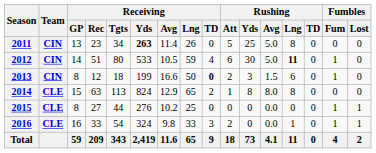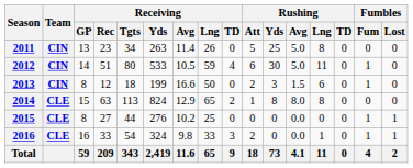 <table class=wikitable style="text-align:center;">
 <tr>
 <th rowspan=2>Season</th>
 <th rowspan=2>Team</th>
 <th colspan=7>Receiving</th>
 <th colspan=5>Rushing</th>
 <th colspan=2>Fumbles</th>
 </tr>
 <tr>
 <th>GP</th>
 <th>Rec</th>
 <th>Tgts</th>
 <th>Yds</th>
 <th>Avg</th>
 <th>Lng</th>
 <th>TD</th>
 <th>Att</th>
 <th>Yds</th>
 <th>Avg</th>
 <th>Lng</th>
 <th>TD</th>
 <th>Fum</th>
 <th>Lost</th>
 </tr>
 <tr>
 <th><a href='#'>2011</a></th>
 <th><a href='#'>CIN</a></th>
 <td>13</td>
 <td>23</td>
 <td>34</td>
-<td><strong>263</strong></td>
+<td>263</td>
 <td>11.4</td>
 <td>26</td>
 <td>0</td>
 <td>5</td>
 <td>25</td>
 <td>5.0</td>
 <td>8</td>
 <td>0</td>
 <td>0</td>
 <td>0</td>
 </tr>
 <tr>
 <th><a href='#'>2012</a></th>
 <th><a href='#'>CIN</a></th>
 <td>14</td>
 <td>51</td>
 <td>80</td>
 <td>533</td>
 <td>10.5</td>
 <td>59</td>
 <td>4</td>
 <td>6</td>
 <td>30</td>
 <td>5.0</td>
-<td><strong>11</strong></td>
+<td>11</td>
 <td>0</td>
 <td>1</td>
 <td>0</td>
 </tr>
 <tr>
 <th><a href='#'>2013</a></th>
 <th><a href='#'>CIN</a></th>
 <td>8</td>
 <td>12</td>
 <td>18</td>
 <td>199</td>
 <td>16.6</td>
 <td>50</td>
-<td><strong>0</strong></td>
+<td>0</td>
 <td>2</td>
 <td>3</td>
 <td>1.5</td>
 <td>6</td>
 <td>0</td>
 <td>1</td>
 <td>0</td>
 </tr>
 <tr>
 <th><a href='#'>2014</a></th>
 <th><a href='#'>CLE</a></th>
 <td>15</td>
 <td>63</td>
 <td>113</td>
 <td>824</td>
 <td>12.9</td>
 <td>65</td>
 <td>2</td>
 <td>1</td>
 <td>8</td>
 <td>8.0</td>
 <td>8</td>
 <td>0</td>
 <td>0</td>
 <td>0</td>
 </tr>
 <tr>
 <th><a href='#'>2015</a></th>
 <th><a href='#'>CLE</a></th>
 <td>8</td>
 <td>27</td>
 <td>44</td>
 <td>276</td>
 <td>10.2</td>
 <td>25</td>
 <td>0</td>
 <td>0</td>
 <td>0</td>
 <td>0.0</td>
 <td>0</td>
 <td>0</td>
 <td>1</td>
 <td>1</td>
 </tr>
 <tr>
 <th><a href='#'>2016</a></th>
 <th><a href='#'>CLE</a></th>
 <td>16</td>
 <td>33</td>
 <td>54</td>
 <td>324</td>
 <td>9.8</td>
 <td>33</td>
 <td>3</td>
 <td>2</td>
 <td>0</td>
 <td>0.0</td>
 <td>1</td>
 <td>0</td>
 <td>1</td>
 <td>1</td>
 </tr>
 <tr>
 <th>Total</th>
 <th></th>
 <th>59</th>
 <th>209</th>
 <th>343</th>
 <th>2,419</th>
 <th>11.6</th>
 <th>65</th>
 <th>9</th>
 <th>18</th>
 <th>73</th>
 <th>4.1</th>
 <th>11</th>
 <th>0</th>
 <th>4</th>
 <th>2</th>
 </tr>
 </table>
